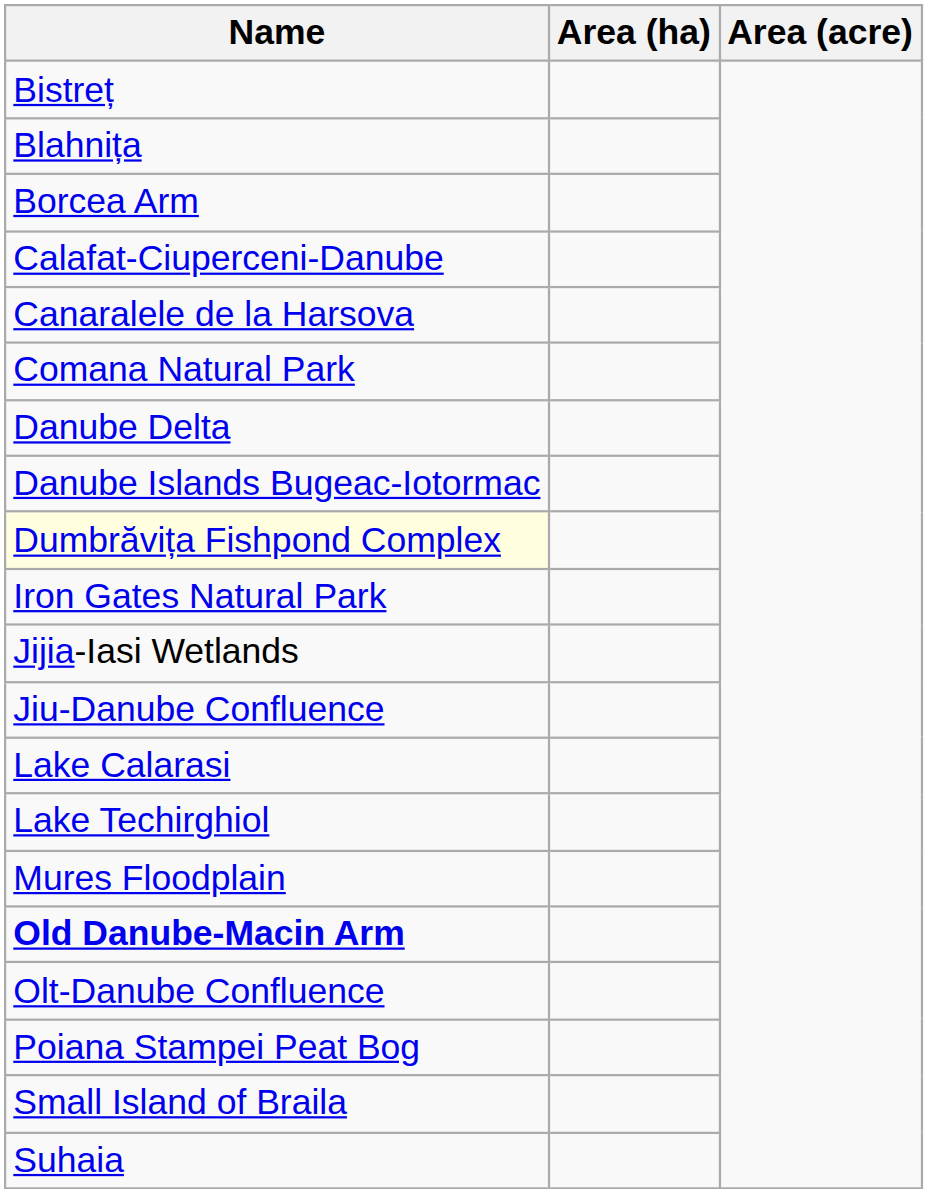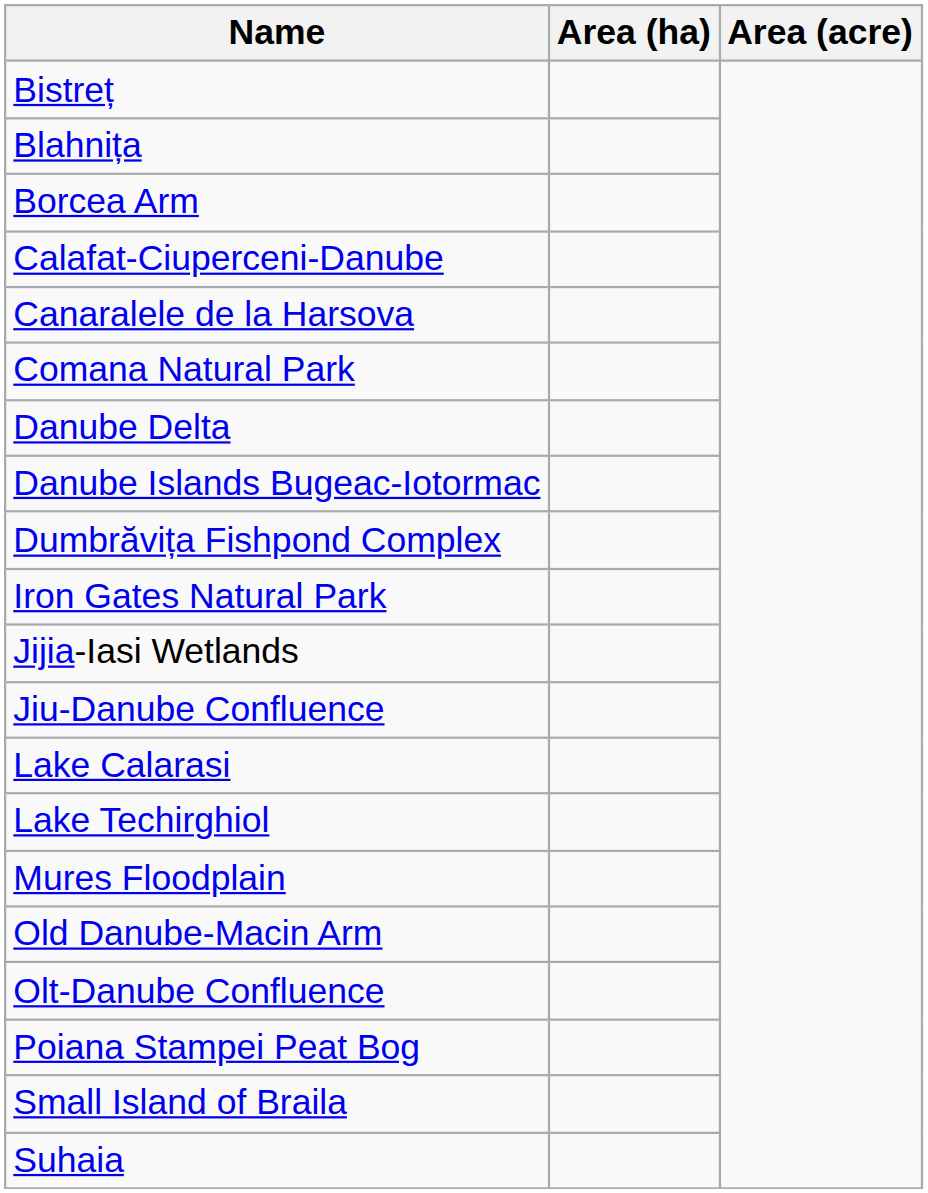 <table class="wikitable">
 <tr>
 <th scope="col" align=left>Name</th>
 <th scope="col">Area (ha)</th>
 <th scope="col">Area (acre)</th>
 </tr>
 <tr ---->
 <td><a href='#'>Bistreț</a></td>
 <td></td>
 </tr>
 <tr ---->
 <td><a href='#'>Blahnița</a></td>
 <td></td>
 </tr>
 <tr ---->
 <td><a href='#'>Borcea Arm</a></td>
 <td></td>
 </tr>
 <tr ---->
 <td><a href='#'>Calafat-Ciuperceni-Danube</a></td>
 <td></td>
 </tr>
 <tr ---->
 <td><a href='#'>Canaralele de la Harsova</a></td>
 <td></td>
 </tr>
 <tr ---->
 <td><a href='#'>Comana Natural Park</a></td>
 <td></td>
 </tr>
 <tr ---->
 <td><a href='#'>Danube Delta</a></td>
 <td></td>
 </tr>
 <tr ---->
 <td><a href='#'>Danube Islands Bugeac-Iotormac</a></td>
 <td></td>
 </tr>
 <tr ---->
-<td style="background: lightyellow;"><a href='#'>Dumbrăvița Fishpond Complex</a></td>
+<td><a href='#'>Dumbrăvița Fishpond Complex</a></td>
 <td></td>
 </tr>
 <tr ---->
 <td><a href='#'>Iron Gates Natural Park</a></td>
 <td></td>
 </tr>
 <tr ---->
 <td><a href='#'>Jijia</a>-Iasi Wetlands</td>
 <td></td>
 </tr>
 <tr ---->
 <td><a href='#'>Jiu-Danube Confluence</a></td>
 <td></td>
 </tr>
 <tr ---->
 <td><a href='#'>Lake Calarasi</a></td>
 <td></td>
 </tr>
 <tr ---->
 <td><a href='#'>Lake Techirghiol</a></td>
 <td></td>
 </tr>
 <tr ---->
 <td><a href='#'>Mures Floodplain</a></td>
 <td></td>
 </tr>
 <tr ---->
-<td><strong><a href='#'>Old Danube-Macin Arm</a></strong></td>
+<td><a href='#'>Old Danube-Macin Arm</a></td>
 <td></td>
 </tr>
 <tr ---->
 <td><a href='#'>Olt-Danube Confluence</a></td>
 <td></td>
 </tr>
 <tr ---->
 <td><a href='#'>Poiana Stampei Peat Bog</a></td>
 <td></td>
 </tr>
 <tr ---->
 <td><a href='#'>Small Island of Braila</a></td>
 <td></td>
 </tr>
 <tr ---->
 <td><a href='#'>Suhaia</a></td>
 <td></td>
 </tr>
 </table>
